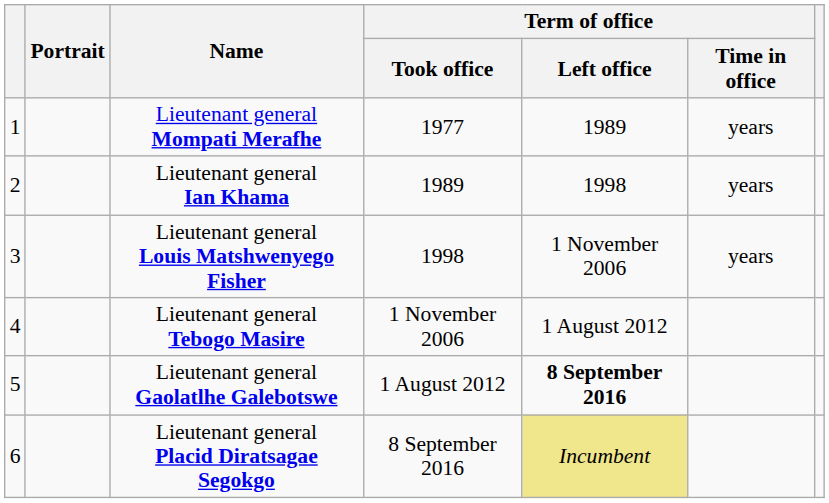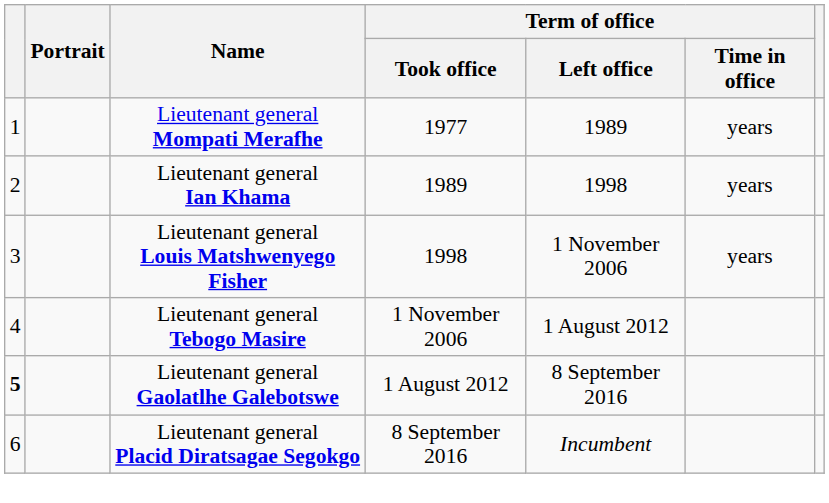 <table class="wikitable" style="text-align:center">
 <tr>
 <th rowspan=2></th>
 <th rowspan=2>Portrait</th>
 <th rowspan=2>Name<br></th>
 <th colspan=3>Term of office</th>
 <th rowspan=2></th>
 </tr>
 <tr>
 <th>Took office</th>
 <th>Left office</th>
 <th>Time in office</th>
 </tr>
 <tr>
 <td>1</td>
 <td></td>
 <td><a href='#'>Lieutenant general</a><br><strong><a href='#'>Mompati Merafhe</a></strong><br></td>
 <td>1977</td>
 <td>1989</td>
 <td> years</td>
 <td></td>
 </tr>
 <tr>
 <td>2</td>
 <td></td>
 <td>Lieutenant general<br><strong><a href='#'>Ian Khama</a></strong><br></td>
 <td>1989</td>
 <td>1998</td>
 <td> years</td>
 <td></td>
 </tr>
 <tr>
 <td>3</td>
 <td></td>
 <td>Lieutenant general<br><strong><a href='#'>Louis Matshwenyego Fisher</a></strong></td>
 <td>1998</td>
 <td>1 November 2006</td>
 <td> years</td>
 <td></td>
 </tr>
 <tr>
 <td>4</td>
 <td></td>
 <td>Lieutenant general<br><strong><a href='#'>Tebogo Masire</a></strong></td>
 <td>1 November 2006</td>
 <td>1 August 2012</td>
 <td></td>
 <td></td>
 </tr>
 <tr>
-<td>5</td>
+<td><strong>5</strong></td>
 <td></td>
 <td>Lieutenant general<br><strong><a href='#'>Gaolatlhe Galebotswe</a></strong></td>
 <td>1 August 2012</td>
-<td><strong>8 September 2016</strong></td>
+<td>8 September 2016</td>
 <td></td>
 <td></td>
 </tr>
 <tr>
 <td>6</td>
 <td></td>
 <td>Lieutenant general<br><strong><a href='#'>Placid Diratsagae Segokgo</a></strong></td>
 <td>8 September 2016</td>
-<td style="background: khaki;"><em>Incumbent</em></td>
+<td><em>Incumbent</em></td>
 <td></td>
 <td></td>
 </tr>
 </table>
